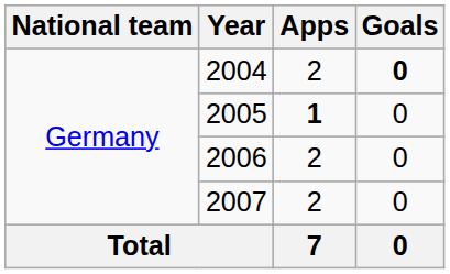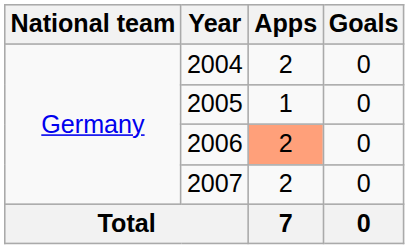 <table class="wikitable" style="text-align:center">
 <tr>
 <th>National team</th>
 <th>Year</th>
 <th>Apps</th>
 <th>Goals</th>
 </tr>
 <tr>
 <td rowspan="4"><a href='#'>Germany</a></td>
 <td>2004</td>
 <td>2</td>
-<td><strong>0</strong></td>
+<td>0</td>
 </tr>
 <tr>
 <td>2005</td>
-<td><strong>1</strong></td>
+<td>1</td>
 <td>0</td>
 </tr>
 <tr>
 <td>2006</td>
-<td>2</td>
+<td style="background: lightsalmon;">2</td>
 <td>0</td>
 </tr>
 <tr>
 <td>2007</td>
 <td>2</td>
 <td>0</td>
 </tr>
 <tr>
 <th colspan="2">Total</th>
 <th>7</th>
 <th>0</th>
 </tr>
 </table>
